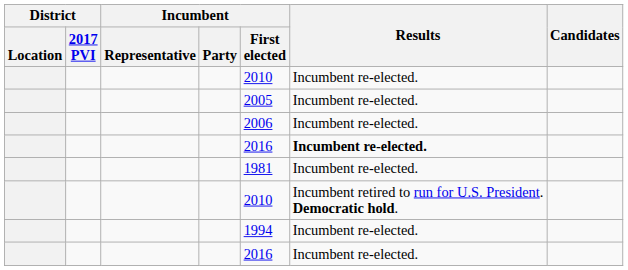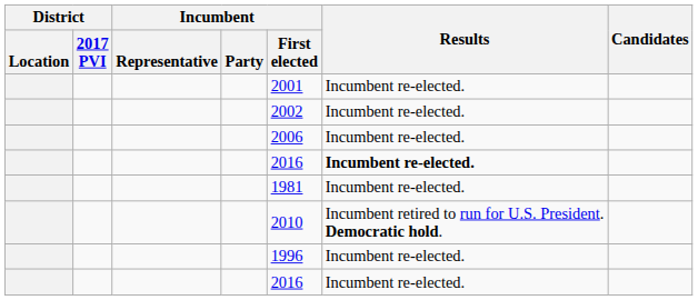 <table class="wikitable sortable">
 <tr>
 <th colspan=2>District</th>
 <th colspan=3>Incumbent</th>
 <th rowspan=2>Results</th>
 <th rowspan=2>Candidates</th>
 </tr>
 <tr valign=bottom>
 <th>Location</th>
 <th><a href='#'>2017<br>PVI</a></th>
 <th>Representative</th>
 <th>Party</th>
 <th>First<br>elected</th>
 </tr>
 <tr>
 <th></th>
 <td></td>
 <td></td>
 <td></td>
-<td><a href='#'>2010</a></td>
+<td><a href='#'>2001</a></td>
 <td>Incumbent re-elected.</td>
 <td nowrap></td>
 </tr>
 <tr>
 <th></th>
 <td></td>
 <td></td>
 <td></td>
-<td><a href='#'>2005</a></td>
+<td><a href='#'>2002</a></td>
 <td>Incumbent re-elected.</td>
 <td nowrap></td>
 </tr>
 <tr>
 <th></th>
 <td></td>
 <td></td>
 <td></td>
 <td><a href='#'>2006</a></td>
 <td>Incumbent re-elected.</td>
 <td nowrap></td>
 </tr>
 <tr>
 <th></th>
 <td></td>
 <td></td>
 <td></td>
 <td><a href='#'>2016</a></td>
 <td><strong>Incumbent re-elected.</strong></td>
 <td nowrap></td>
 </tr>
 <tr>
 <th></th>
 <td></td>
 <td></td>
 <td></td>
 <td><a href='#'>1981 </a></td>
 <td>Incumbent re-elected.</td>
 <td nowrap></td>
 </tr>
 <tr>
 <th></th>
 <td></td>
 <td></td>
 <td></td>
 <td><a href='#'>2010</a></td>
 <td>Incumbent retired to <a href='#'>run for U.S. President</a>.<br><strong>Democratic hold</strong>.</td>
 <td nowrap></td>
 </tr>
 <tr>
 <th></th>
 <td></td>
 <td></td>
 <td></td>
-<td><a href='#'>1994</a></td>
+<td><a href='#'>1996</a></td>
 <td>Incumbent re-elected.</td>
 <td nowrap></td>
 </tr>
 <tr>
 <th></th>
 <td></td>
 <td></td>
 <td></td>
 <td><a href='#'>2016</a></td>
 <td>Incumbent re-elected.</td>
 <td nowrap></td>
 </tr>
 </table>
